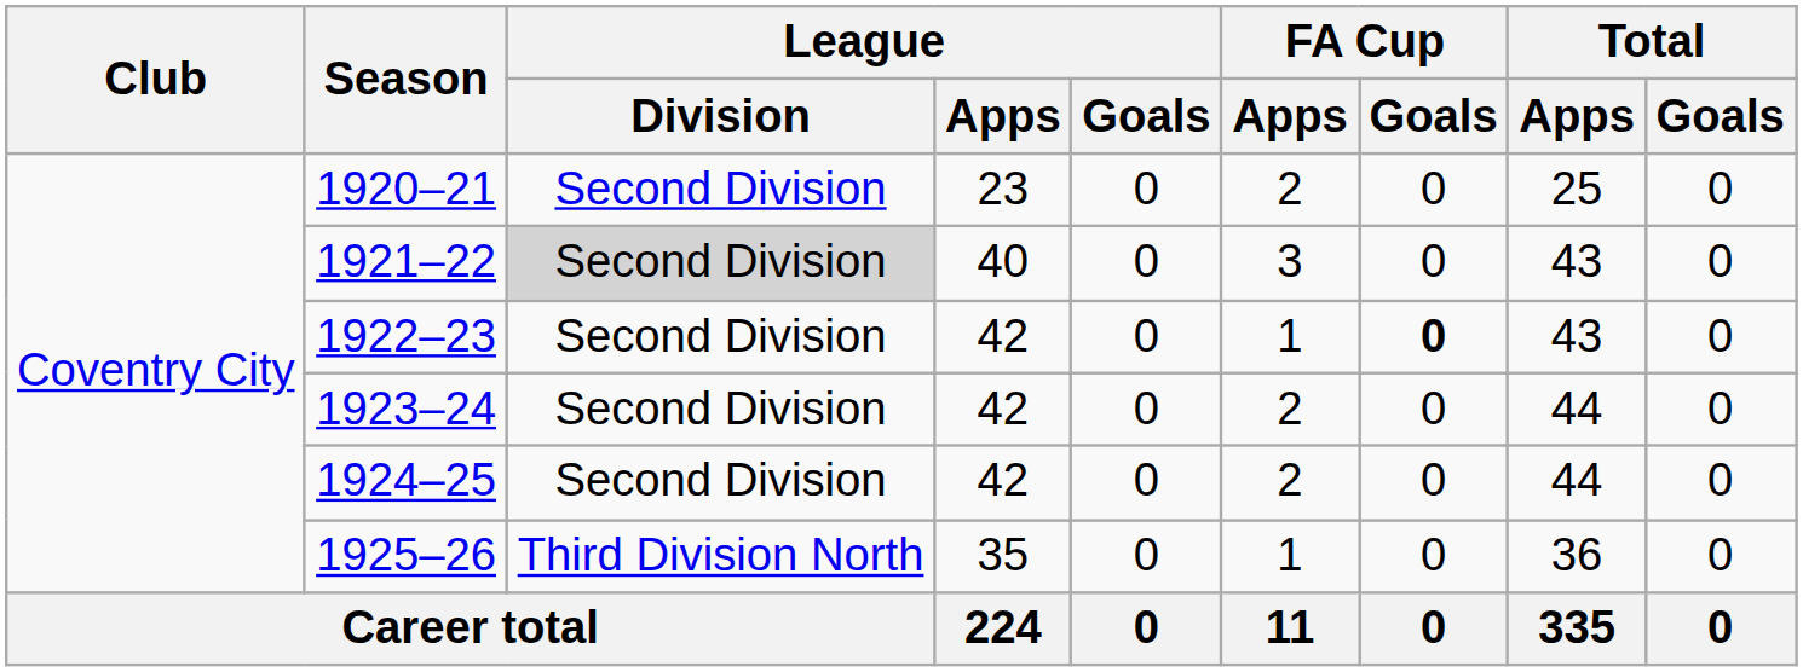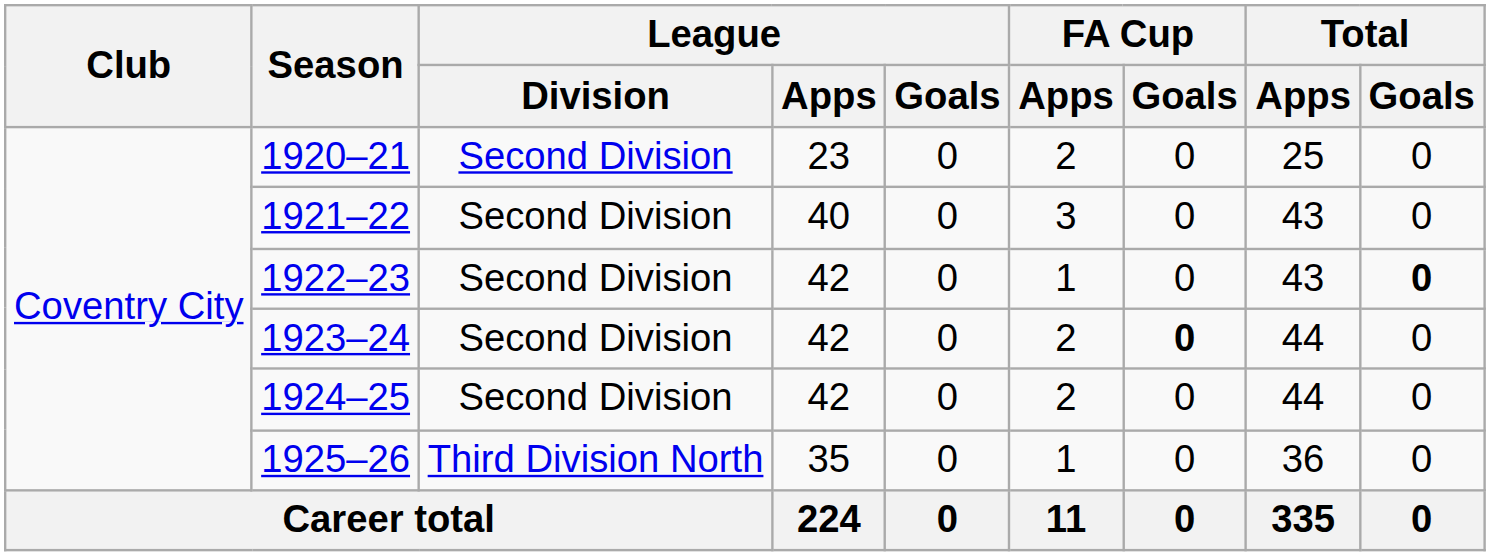 <table class="wikitable" style="text-align: center">
 <tr>
 <th rowspan="2">Club</th>
 <th rowspan="2">Season</th>
 <th colspan="3">League</th>
 <th colspan="2">FA Cup</th>
 <th colspan="2">Total</th>
 </tr>
 <tr>
 <th>Division</th>
 <th>Apps</th>
 <th>Goals</th>
 <th>Apps</th>
 <th>Goals</th>
 <th>Apps</th>
 <th>Goals</th>
 </tr>
 <tr>
 <td rowspan="6"><a href='#'>Coventry City</a></td>
 <td><a href='#'>1920–21</a></td>
 <td><a href='#'>Second Division</a></td>
 <td>23</td>
 <td>0</td>
 <td>2</td>
 <td>0</td>
 <td>25</td>
 <td>0</td>
 </tr>
 <tr>
 <td><a href='#'>1921–22</a></td>
-<td style="background: lightgrey;">Second Division</td>
+<td>Second Division</td>
 <td>40</td>
 <td>0</td>
 <td>3</td>
 <td>0</td>
 <td>43</td>
 <td>0</td>
 </tr>
 <tr>
 <td><a href='#'>1922–23</a></td>
 <td>Second Division</td>
 <td>42</td>
 <td>0</td>
 <td>1</td>
+<td>0</td>
+<td>43</td>
 <td><strong>0</strong></td>
-<td>43</td>
-<td>0</td>
 </tr>
 <tr>
 <td><a href='#'>1923–24</a></td>
 <td>Second Division</td>
 <td>42</td>
 <td>0</td>
 <td>2</td>
-<td>0</td>
+<td><strong>0</strong></td>
 <td>44</td>
 <td>0</td>
 </tr>
 <tr>
 <td><a href='#'>1924–25</a></td>
 <td>Second Division</td>
 <td>42</td>
 <td>0</td>
 <td>2</td>
 <td>0</td>
 <td>44</td>
 <td>0</td>
 </tr>
 <tr>
 <td><a href='#'>1925–26</a></td>
 <td><a href='#'>Third Division North</a></td>
 <td>35</td>
 <td>0</td>
 <td>1</td>
 <td>0</td>
 <td>36</td>
 <td>0</td>
 </tr>
 <tr>
 <th colspan="3">Career total</th>
 <th>224</th>
 <th>0</th>
 <th>11</th>
 <th>0</th>
 <th>335</th>
 <th>0</th>
 </tr>
 </table>
